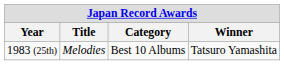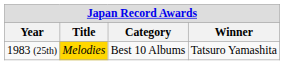 <table class="wikitable" border="1">
 <tr>
 <td colspan=4 bgcolor="#DDDDDD" align=center><strong><a href='#'>Japan Record Awards</a></strong></td>
 </tr>
 <tr>
 <th align="center">Year</th>
 <th align="center">Title</th>
 <th align="center">Category</th>
 <th align="center">Winner</th>
 </tr>
 <tr>
 <td align="left">1983 <small>(25th)</small></td>
-<td align="left"><em>Melodies</em></td>
+<td align="left" style="background: gold;"><em>Melodies</em></td>
 <td align="left">Best 10 Albums</td>
 <td align="left">Tatsuro Yamashita</td>
 </tr>
 </table>
